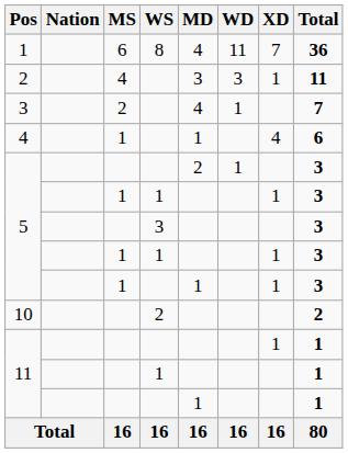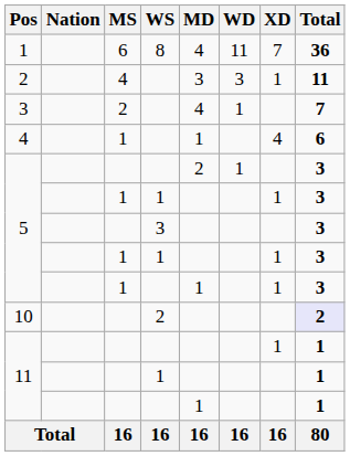 <table class="wikitable" style="text-align:center">
 <tr>
 <th>Pos</th>
 <th>Nation</th>
 <th>MS</th>
 <th>WS</th>
 <th>MD</th>
 <th>WD</th>
 <th>XD</th>
 <th>Total</th>
 </tr>
 <tr>
 <td>1</td>
 <td align=left></td>
 <td>6</td>
 <td>8</td>
 <td>4</td>
 <td>11</td>
 <td>7</td>
 <td><strong>36</strong></td>
 </tr>
 <tr>
 <td>2</td>
 <td align=left></td>
 <td>4</td>
 <td></td>
 <td>3</td>
 <td>3</td>
 <td>1</td>
 <td><strong>11</strong></td>
 </tr>
 <tr>
 <td>3</td>
 <td align=left></td>
 <td>2</td>
 <td></td>
 <td>4</td>
 <td>1</td>
 <td></td>
 <td><strong>7</strong></td>
 </tr>
 <tr>
 <td>4</td>
 <td align="left"></td>
 <td>1</td>
 <td></td>
 <td>1</td>
 <td></td>
 <td>4</td>
 <td><strong>6</strong></td>
 </tr>
 <tr>
 <td rowspan="5">5</td>
 <td align="left"></td>
 <td></td>
 <td></td>
 <td>2</td>
 <td>1</td>
 <td></td>
 <td><strong>3</strong></td>
 </tr>
 <tr>
 <td align="left"></td>
 <td>1</td>
 <td>1</td>
 <td></td>
 <td></td>
 <td>1</td>
 <td><strong>3</strong></td>
 </tr>
 <tr>
 <td align="left"></td>
 <td></td>
 <td>3</td>
 <td></td>
 <td></td>
 <td></td>
 <td><strong>3</strong></td>
 </tr>
 <tr>
 <td align="left"></td>
 <td>1</td>
 <td>1</td>
 <td></td>
 <td></td>
 <td>1</td>
 <td><strong>3</strong></td>
 </tr>
 <tr>
 <td align="left"></td>
 <td>1</td>
 <td></td>
 <td>1</td>
 <td></td>
 <td>1</td>
 <td><strong>3</strong></td>
 </tr>
 <tr>
 <td>10</td>
 <td align="left"></td>
 <td></td>
 <td>2</td>
 <td></td>
 <td></td>
 <td></td>
-<td><strong>2</strong></td>
+<td style="background: lavender;"><strong>2</strong></td>
 </tr>
 <tr>
 <td rowspan="3">11</td>
 <td align="left"></td>
 <td></td>
 <td></td>
 <td></td>
 <td></td>
 <td>1</td>
 <td><strong>1</strong></td>
 </tr>
 <tr>
 <td align="left"></td>
 <td></td>
 <td>1</td>
 <td></td>
 <td></td>
 <td></td>
 <td><strong>1</strong></td>
 </tr>
 <tr>
 <td align="left"></td>
 <td></td>
 <td></td>
 <td>1</td>
 <td></td>
 <td></td>
 <td><strong>1</strong></td>
 </tr>
 <tr>
 <th colspan="2">Total</th>
 <th>16</th>
 <th>16</th>
 <th>16</th>
 <th>16</th>
 <th>16</th>
 <th>80</th>
 </tr>
 </table>
